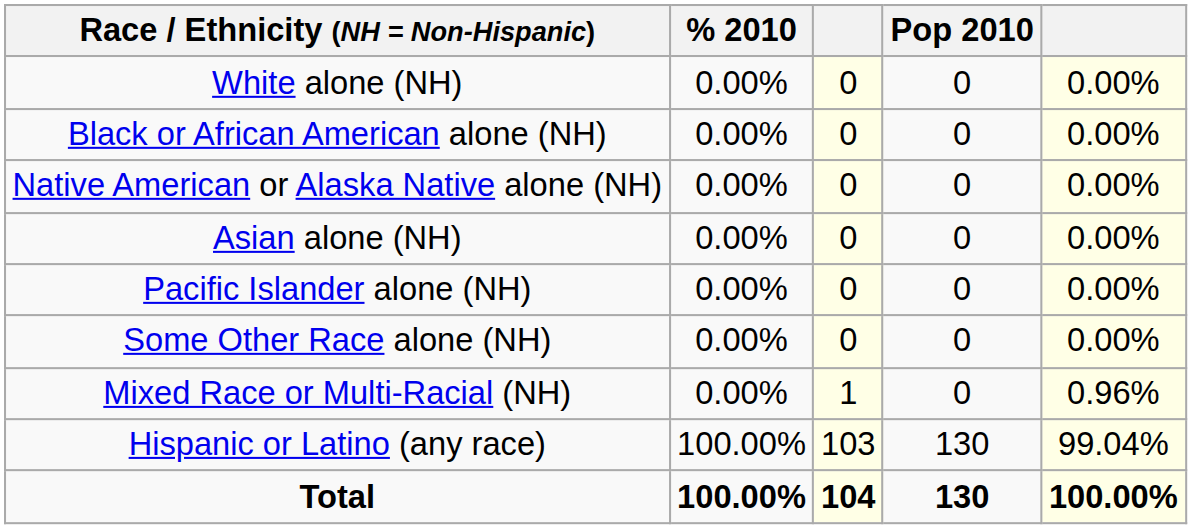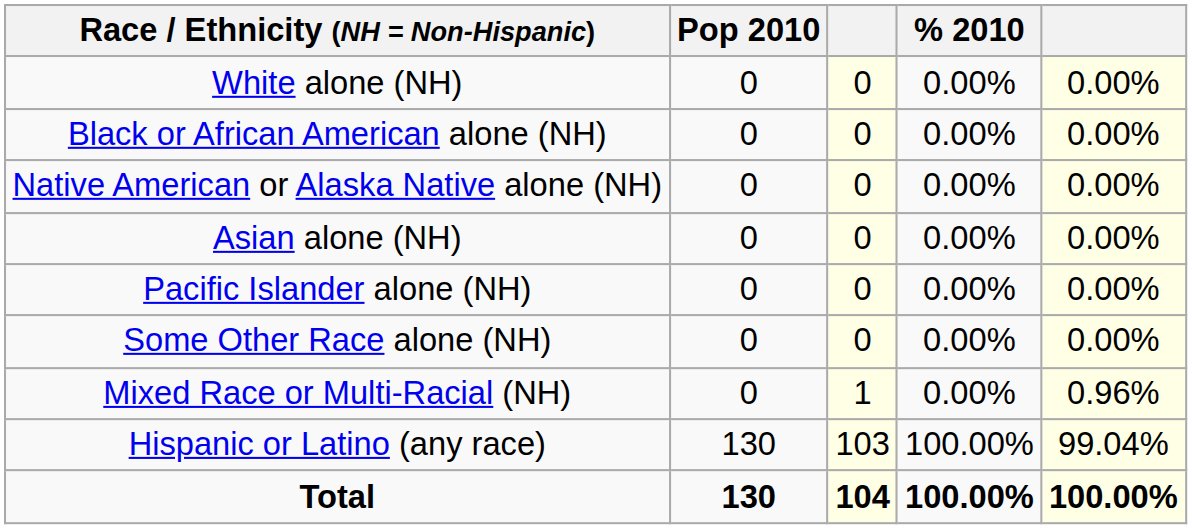 <table class="wikitable" style="text-align:center;">
 <tr>
 <th>Race / Ethnicity <small>(<em>NH = Non-Hispanic</em>)</small></th>
+<th>Pop 2010</th>
+<th></th>
 <th>% 2010</th>
-<th></th>
-<th>Pop 2010</th>
 <th></th>
 </tr>
 <tr>
 <td><a href='#'>White</a> alone (NH)</td>
+<td>0</td>
+<td style='background: #ffffe6;'>0</td>
 <td>0.00%</td>
-<td style='background: #ffffe6;'>0</td>
-<td>0</td>
 <td style='background: #ffffe6;'>0.00%</td>
 </tr>
 <tr>
 <td><a href='#'>Black or African American</a> alone (NH)</td>
+<td>0</td>
+<td style='background: #ffffe6;'>0</td>
 <td>0.00%</td>
-<td style='background: #ffffe6;'>0</td>
-<td>0</td>
 <td style='background: #ffffe6;'>0.00%</td>
 </tr>
 <tr>
 <td><a href='#'>Native American</a> or <a href='#'>Alaska Native</a> alone (NH)</td>
+<td>0</td>
+<td style='background: #ffffe6;'>0</td>
 <td>0.00%</td>
-<td style='background: #ffffe6;'>0</td>
-<td>0</td>
 <td style='background: #ffffe6;'>0.00%</td>
 </tr>
 <tr>
 <td><a href='#'>Asian</a> alone (NH)</td>
+<td>0</td>
+<td style='background: #ffffe6;'>0</td>
 <td>0.00%</td>
-<td style='background: #ffffe6;'>0</td>
-<td>0</td>
 <td style='background: #ffffe6;'>0.00%</td>
 </tr>
 <tr>
 <td><a href='#'>Pacific Islander</a> alone (NH)</td>
+<td>0</td>
+<td style='background: #ffffe6;'>0</td>
 <td>0.00%</td>
-<td style='background: #ffffe6;'>0</td>
-<td>0</td>
 <td style='background: #ffffe6;'>0.00%</td>
 </tr>
 <tr>
 <td><a href='#'>Some Other Race</a> alone (NH)</td>
+<td>0</td>
+<td style='background: #ffffe6;'>0</td>
 <td>0.00%</td>
-<td style='background: #ffffe6;'>0</td>
-<td>0</td>
 <td style='background: #ffffe6;'>0.00%</td>
 </tr>
 <tr>
 <td><a href='#'>Mixed Race or Multi-Racial</a> (NH)</td>
+<td>0</td>
+<td style='background: #ffffe6;'>1</td>
 <td>0.00%</td>
-<td style='background: #ffffe6;'>1</td>
-<td>0</td>
 <td style='background: #ffffe6;'>0.96%</td>
 </tr>
 <tr>
 <td><a href='#'>Hispanic or Latino</a> (any race)</td>
+<td>130</td>
+<td style='background: #ffffe6;'>103</td>
 <td>100.00%</td>
-<td style='background: #ffffe6;'>103</td>
-<td>130</td>
 <td style='background: #ffffe6;'>99.04%</td>
 </tr>
 <tr>
 <td><strong>Total</strong></td>
+<td><strong>130</strong></td>
+<td style='background: #ffffe6;'><strong>104</strong></td>
 <td><strong>100.00%</strong></td>
-<td style='background: #ffffe6;'><strong>104</strong></td>
-<td><strong>130</strong></td>
 <td style='background: #ffffe6;'><strong>100.00%</strong></td>
 </tr>
 </table>
